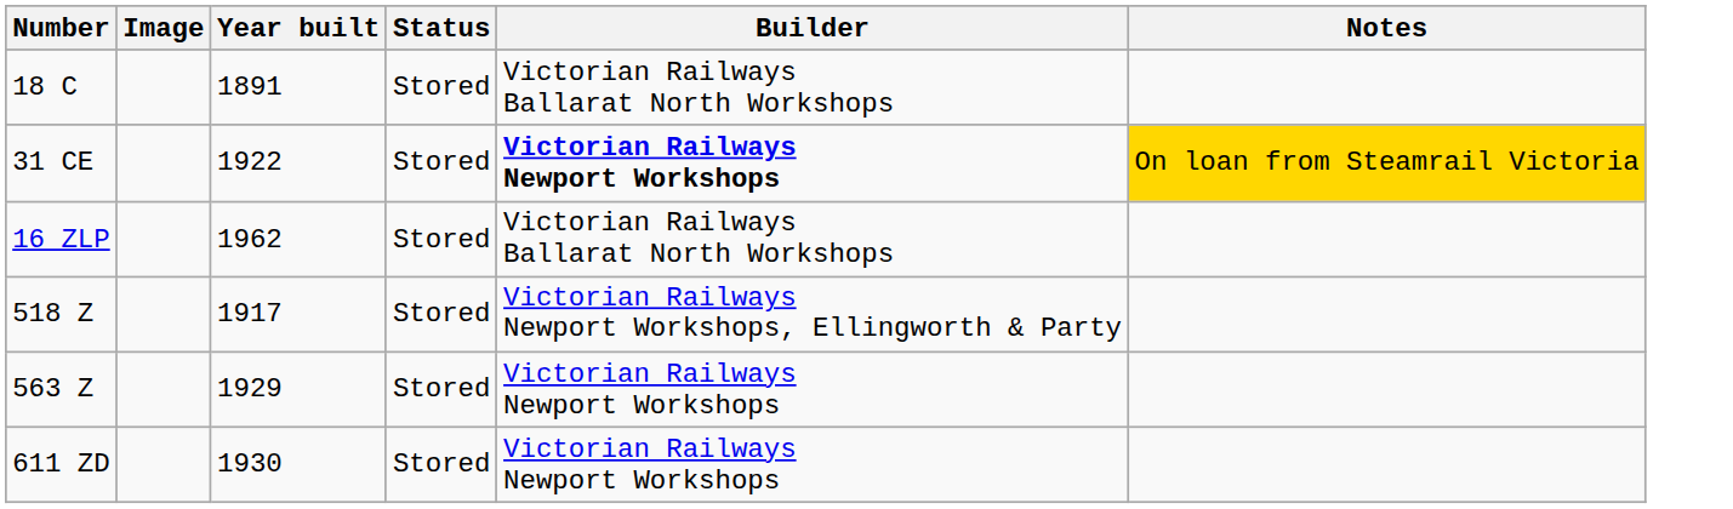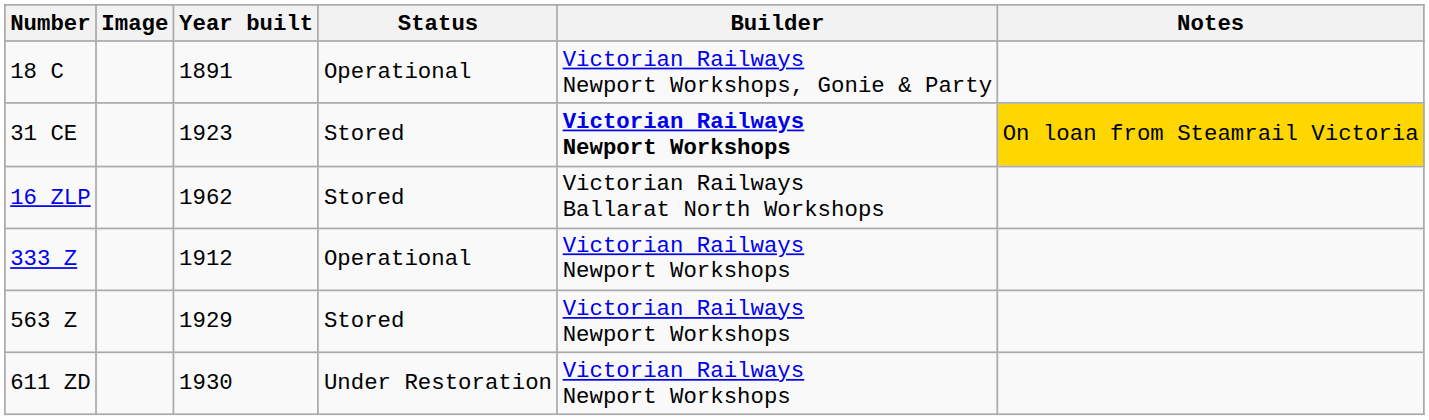 <table class="wikitable sortable">
 <tr>
 <th>Number</th>
 <th>Image</th>
 <th>Year built</th>
 <th>Status</th>
 <th>Builder</th>
 <th>Notes</th>
 </tr>
 <tr>
 <td>18 C</td>
 <td></td>
 <td>1891</td>
-<td>Stored</td>
-<td>Victorian Railways<br>Ballarat North Workshops</td>
+<td>Operational</td>
+<td><a href='#'>Victorian Railways</a><br>Newport Workshops, Gonie & Party</td>
 <td></td>
 </tr>
 <tr>
 <td>31 CE</td>
 <td></td>
-<td>1922</td>
+<td>1923</td>
 <td>Stored</td>
 <td><strong><a href='#'>Victorian Railways</a><br>Newport Workshops</strong></td>
 <td style="background: gold;">On loan from Steamrail Victoria</td>
 </tr>
 <tr>
 <td><a href='#'>16 ZLP</a></td>
 <td></td>
 <td>1962</td>
 <td>Stored</td>
 <td>Victorian Railways<br>Ballarat North Workshops</td>
 <td></td>
 </tr>
 <tr>
-<td>518 Z</td>
+<td><a href='#'>333 Z</a></td>
 <td></td>
-<td>1917</td>
-<td>Stored</td>
-<td><a href='#'>Victorian Railways</a><br>Newport Workshops,  Ellingworth & Party</td>
+<td>1912</td>
+<td>Operational</td>
+<td><a href='#'>Victorian Railways</a><br>Newport Workshops</td>
 <td></td>
 </tr>
 <tr>
 <td>563 Z</td>
 <td></td>
 <td>1929</td>
 <td>Stored</td>
 <td><a href='#'>Victorian Railways</a><br>Newport Workshops</td>
 <td></td>
 </tr>
 <tr>
 <td>611 ZD</td>
 <td></td>
 <td>1930</td>
-<td>Stored</td>
+<td>Under Restoration</td>
 <td><a href='#'>Victorian Railways</a><br>Newport Workshops</td>
 <td></td>
 </tr>
 </table>
